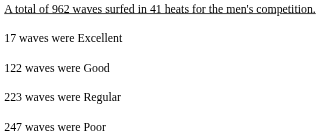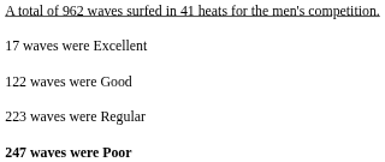 <table class="MsoNormalTable">
 <tr>
 <td><u>A total of 962 waves surfed in 41 heats for the men's competition.</u></td>
 </tr>
 <tr>
 <td><br>17 waves were Excellent</td>
 </tr>
 <tr>
 <td><br>122 waves were Good</td>
 </tr>
 <tr>
 <td><br>223 waves were Regular</td>
 </tr>
 <tr>
-<td><br>247 waves were Poor</td>
+<td><strong><br>247 waves were Poor</strong></td>
 </tr>
 </table>
